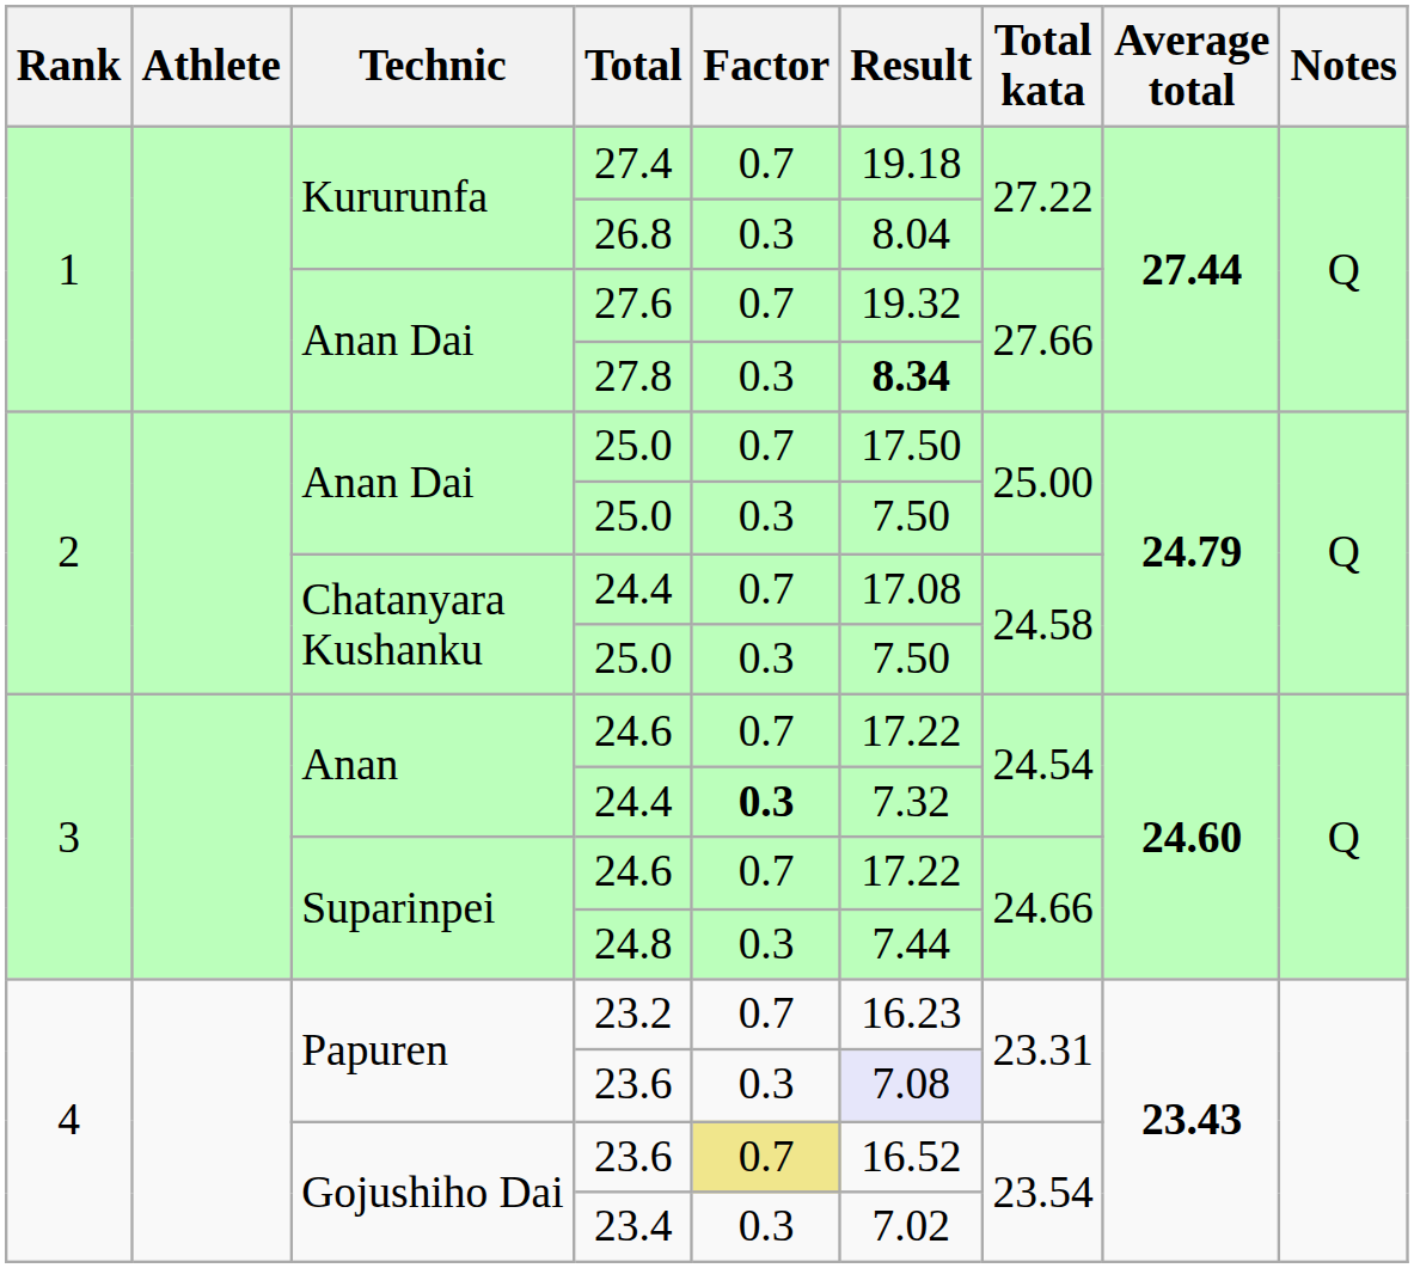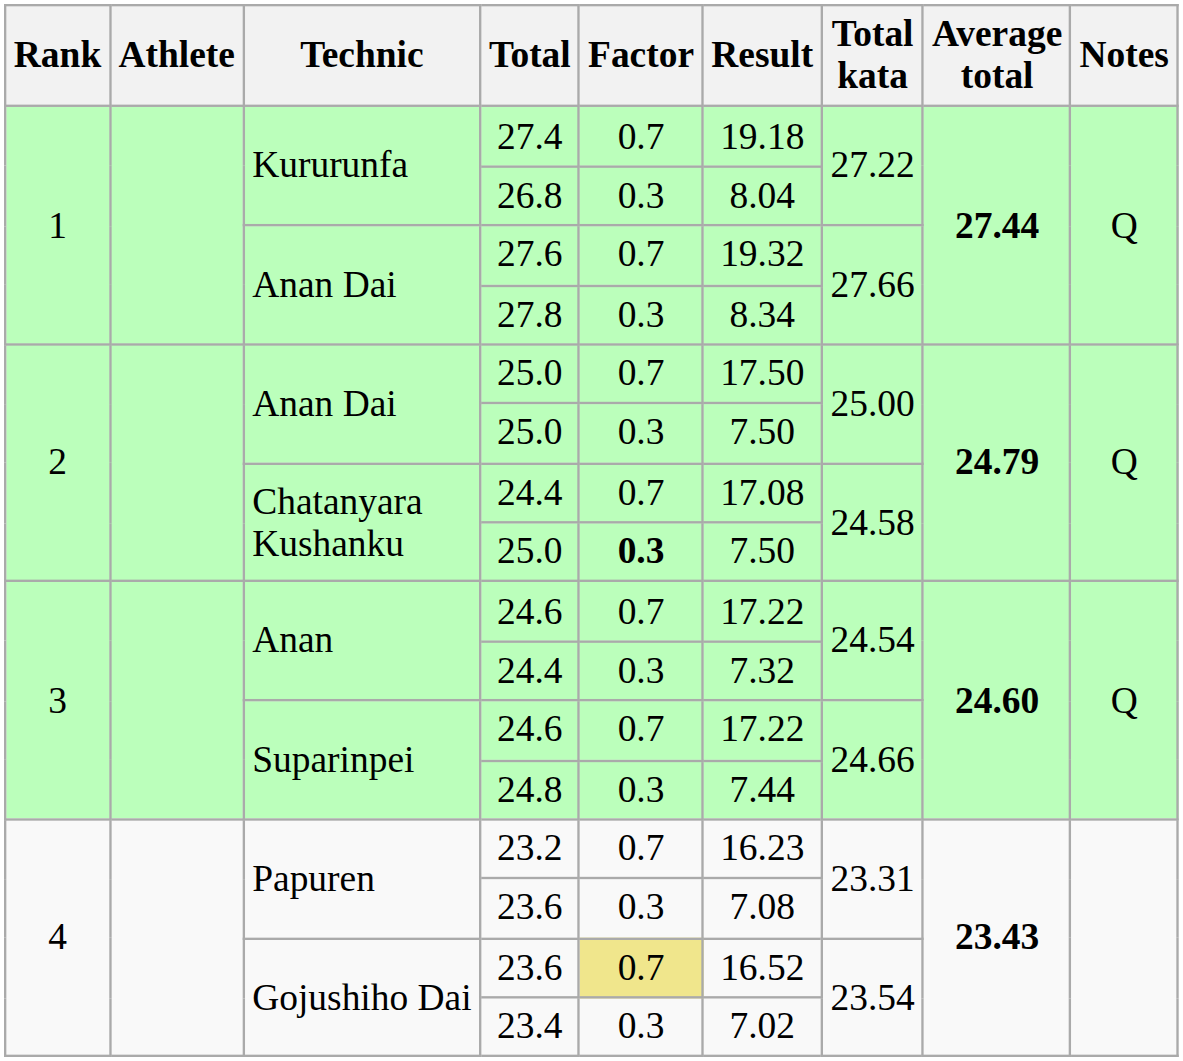 <table class="wikitable" style="text-align:center">
 <tr>
 <th>Rank</th>
 <th>Athlete</th>
 <th>Technic</th>
 <th>Total</th>
 <th>Factor</th>
 <th>Result</th>
 <th>Total<br>kata</th>
 <th>Average<br>total</th>
 <th>Notes</th>
 </tr>
 <tr bgcolor=bbffbb>
 <td rowspan=4>1</td>
 <td rowspan=4 align=left></td>
 <td rowspan=2 align=left>Kururunfa</td>
 <td>27.4</td>
 <td>0.7</td>
 <td>19.18</td>
 <td rowspan=2>27.22</td>
 <td rowspan=4><strong>27.44</strong></td>
 <td rowspan=4>Q</td>
 </tr>
 <tr bgcolor=bbffbb>
 <td>26.8</td>
 <td>0.3</td>
 <td>8.04</td>
 </tr>
 <tr bgcolor=bbffbb>
 <td rowspan=2 align=left>Anan Dai</td>
 <td>27.6</td>
 <td>0.7</td>
 <td>19.32</td>
 <td rowspan=2>27.66</td>
 </tr>
 <tr bgcolor=bbffbb>
 <td>27.8</td>
 <td>0.3</td>
-<td><strong>8.34</strong></td>
+<td>8.34</td>
 </tr>
 <tr bgcolor=bbffbb>
 <td rowspan=4>2</td>
 <td rowspan=4 align=left></td>
 <td rowspan=2 align=left>Anan Dai</td>
 <td>25.0</td>
 <td>0.7</td>
 <td>17.50</td>
 <td rowspan=2>25.00</td>
 <td rowspan=4><strong>24.79</strong></td>
 <td rowspan=4>Q</td>
 </tr>
 <tr bgcolor=bbffbb>
 <td>25.0</td>
 <td>0.3</td>
 <td>7.50</td>
 </tr>
 <tr bgcolor=bbffbb>
 <td rowspan=2 align=left>Chatanyara<br>Kushanku</td>
 <td>24.4</td>
 <td>0.7</td>
 <td>17.08</td>
 <td rowspan=2>24.58</td>
 </tr>
 <tr bgcolor=bbffbb>
 <td>25.0</td>
-<td>0.3</td>
+<td><strong>0.3</strong></td>
 <td>7.50</td>
 </tr>
 <tr bgcolor=bbffbb>
 <td rowspan=4>3</td>
 <td rowspan=4 align=left></td>
 <td rowspan=2 align=left>Anan</td>
 <td>24.6</td>
 <td>0.7</td>
 <td>17.22</td>
 <td rowspan=2>24.54</td>
 <td rowspan=4><strong>24.60</strong></td>
 <td rowspan=4>Q</td>
 </tr>
 <tr bgcolor=bbffbb>
 <td>24.4</td>
-<td><strong>0.3</strong></td>
+<td>0.3</td>
 <td>7.32</td>
 </tr>
 <tr bgcolor=bbffbb>
 <td rowspan=2 align=left>Suparinpei</td>
 <td>24.6</td>
 <td>0.7</td>
 <td>17.22</td>
 <td rowspan=2>24.66</td>
 </tr>
 <tr bgcolor=bbffbb>
 <td>24.8</td>
 <td>0.3</td>
 <td>7.44</td>
 </tr>
 <tr>
 <td rowspan=4>4</td>
 <td rowspan=4 align=left></td>
 <td rowspan=2 align=left>Papuren</td>
 <td>23.2</td>
 <td>0.7</td>
 <td>16.23</td>
 <td rowspan=2>23.31</td>
 <td rowspan=4><strong>23.43</strong></td>
 <td rowspan=4></td>
 </tr>
 <tr>
 <td>23.6</td>
 <td>0.3</td>
-<td style="background: lavender;">7.08</td>
+<td>7.08</td>
 </tr>
 <tr>
 <td rowspan=2 align=left>Gojushiho Dai</td>
 <td>23.6</td>
 <td style="background: khaki;">0.7</td>
 <td>16.52</td>
 <td rowspan=2>23.54</td>
 </tr>
 <tr>
 <td>23.4</td>
 <td>0.3</td>
 <td>7.02</td>
 </tr>
 </table>
